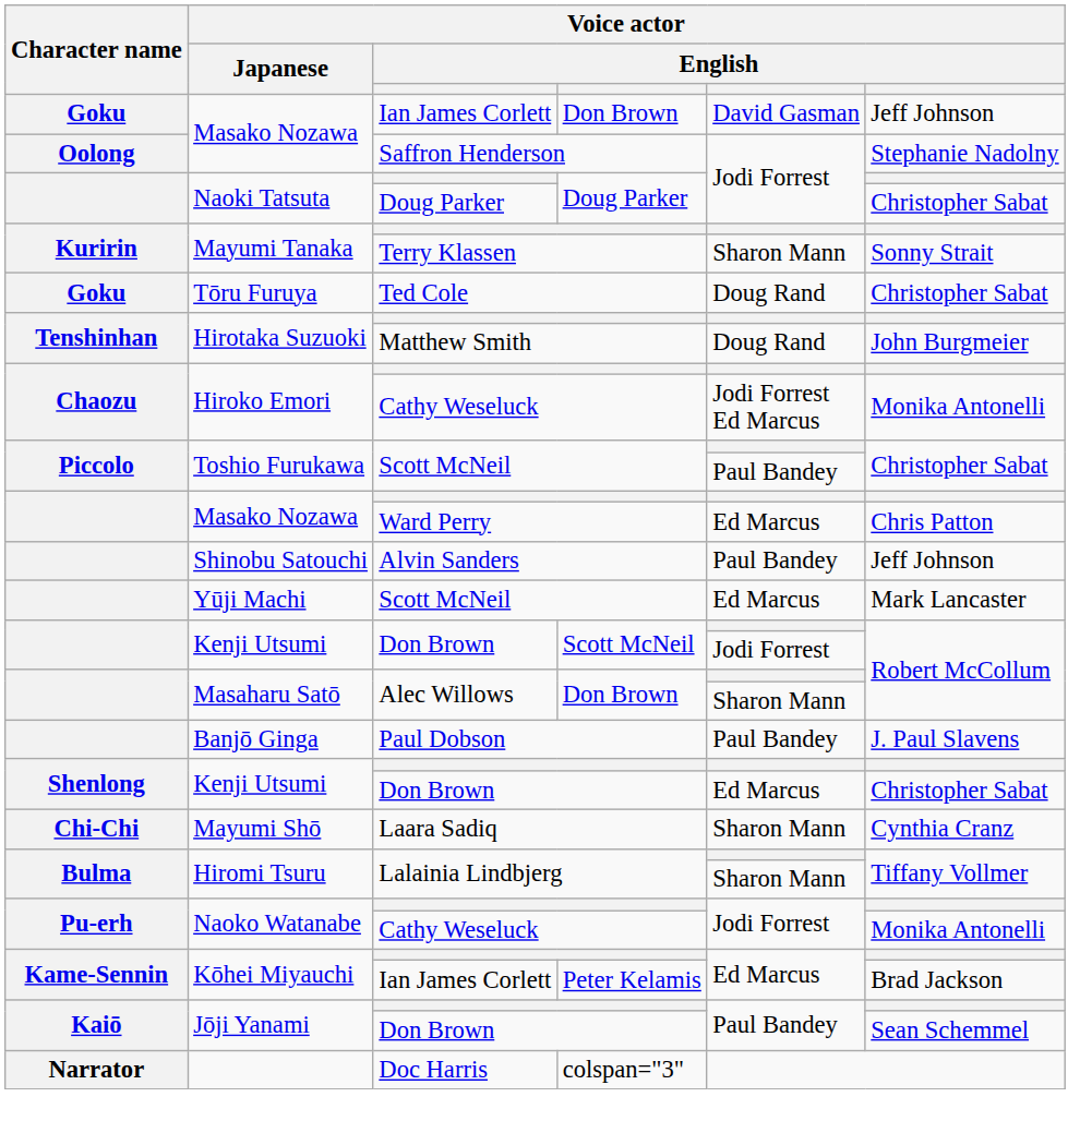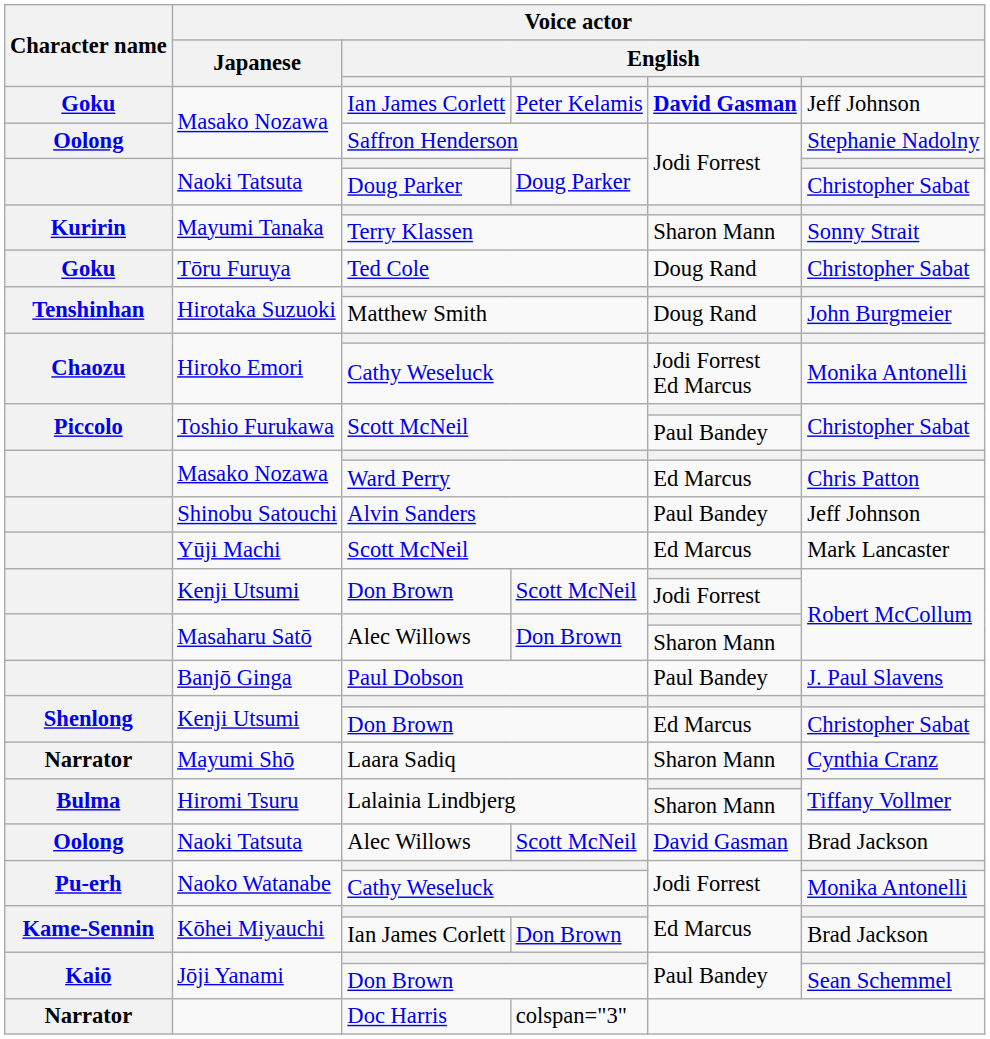 <table class="wikitable plainrowheaders">
 <tr>
 <th rowspan="3">Character name</th>
 <th colspan="5">Voice actor</th>
 </tr>
 <tr>
 <th rowspan="2">Japanese</th>
 <th colspan="4">English</th>
 </tr>
 <tr>
 <th></th>
 <th></th>
 <th></th>
 <th></th>
 </tr>
 <tr>
 <th scope="row"><a href='#'>Goku</a></th>
 <td rowspan="2"><a href='#'>Masako Nozawa</a></td>
 <td><a href='#'>Ian James Corlett</a></td>
-<td><a href='#'>Don Brown</a></td>
-<td><a href='#'>David Gasman</a></td>
+<td><a href='#'>Peter Kelamis</a></td>
+<td><strong><a href='#'>David Gasman</a></strong></td>
 <td>Jeff Johnson</td>
 </tr>
 <tr>
 <th scope="row"><a href='#'>Oolong</a></th>
 <td colspan="2"><a href='#'>Saffron Henderson</a></td>
 <td rowspan="3">Jodi Forrest</td>
 <td><a href='#'>Stephanie Nadolny</a></td>
 </tr>
 <tr>
 <th rowspan="2" scope="row"></th>
 <td rowspan="2"><a href='#'>Naoki Tatsuta</a></td>
 <th></th>
 <td rowspan="2"><a href='#'>Doug Parker</a></td>
 <th></th>
 </tr>
 <tr>
 <td><a href='#'>Doug Parker</a></td>
 <td><a href='#'>Christopher Sabat</a></td>
 </tr>
 <tr>
 <th rowspan="2" scope="row"><a href='#'>Kuririn</a></th>
 <td rowspan="2"><a href='#'>Mayumi Tanaka</a></td>
 <th colspan="2"></th>
 <th></th>
 <th></th>
 </tr>
 <tr>
 <td colspan="2"><a href='#'>Terry Klassen</a></td>
 <td>Sharon Mann</td>
 <td><a href='#'>Sonny Strait</a></td>
 </tr>
 <tr>
 <th scope="row"><a href='#'>Goku</a></th>
 <td><a href='#'>Tōru Furuya</a></td>
 <td colspan="2"><a href='#'>Ted Cole</a></td>
 <td>Doug Rand</td>
 <td><a href='#'>Christopher Sabat</a></td>
 </tr>
 <tr>
 <th rowspan="2" scope="row"><a href='#'>Tenshinhan</a></th>
 <td rowspan="2"><a href='#'>Hirotaka Suzuoki</a></td>
 <th colspan="2"></th>
 <th></th>
 <th></th>
 </tr>
 <tr>
 <td colspan="2">Matthew Smith</td>
 <td>Doug Rand</td>
 <td><a href='#'>John Burgmeier</a></td>
 </tr>
 <tr>
 <th rowspan="2" scope="row"><a href='#'>Chaozu</a></th>
 <td rowspan="2"><a href='#'>Hiroko Emori</a></td>
 <th colspan="2"></th>
 <th></th>
 <th></th>
 </tr>
 <tr>
 <td colspan="2"><a href='#'>Cathy Weseluck</a></td>
 <td>Jodi Forrest<br>Ed Marcus </td>
 <td><a href='#'>Monika Antonelli</a></td>
 </tr>
 <tr>
 <th rowspan="2" scope="row"><a href='#'>Piccolo</a></th>
 <td rowspan="2"><a href='#'>Toshio Furukawa</a></td>
 <td colspan="2" rowspan="2"><a href='#'>Scott McNeil</a></td>
 <th></th>
 <td rowspan="2"><a href='#'>Christopher Sabat</a></td>
 </tr>
 <tr>
 <td>Paul Bandey</td>
 </tr>
 <tr>
 <th rowspan="2" scope="row"></th>
 <td rowspan="2"><a href='#'>Masako Nozawa</a></td>
 <th colspan="2"></th>
 <th></th>
 <th></th>
 </tr>
 <tr>
 <td colspan="2"><a href='#'>Ward Perry</a></td>
 <td>Ed Marcus</td>
 <td><a href='#'>Chris Patton</a></td>
 </tr>
 <tr>
 <th scope="row"></th>
 <td><a href='#'>Shinobu Satouchi</a></td>
 <td colspan="2"><a href='#'>Alvin Sanders</a></td>
 <td>Paul Bandey</td>
 <td>Jeff Johnson</td>
 </tr>
 <tr>
 <th scope="row"></th>
 <td><a href='#'>Yūji Machi</a></td>
 <td colspan="2"><a href='#'>Scott McNeil</a></td>
 <td>Ed Marcus</td>
 <td>Mark Lancaster</td>
 </tr>
 <tr>
 <th rowspan="2" scope="row"></th>
 <td rowspan="2"><a href='#'>Kenji Utsumi</a></td>
 <td rowspan="2"><a href='#'>Don Brown</a></td>
 <td rowspan="2"><a href='#'>Scott McNeil</a></td>
 <th></th>
 <td rowspan="4"><a href='#'>Robert McCollum</a></td>
 </tr>
 <tr>
 <td>Jodi Forrest</td>
 </tr>
 <tr>
 <th rowspan="2" scope="row"></th>
 <td rowspan="2"><a href='#'>Masaharu Satō</a></td>
 <td rowspan="2">Alec Willows</td>
 <td rowspan="2"><a href='#'>Don Brown</a></td>
 <th></th>
 </tr>
 <tr>
 <td>Sharon Mann</td>
 </tr>
 <tr>
 <th scope="row"></th>
 <td><a href='#'>Banjō Ginga</a></td>
 <td colspan="2"><a href='#'>Paul Dobson</a></td>
 <td>Paul Bandey</td>
 <td><a href='#'>J. Paul Slavens</a></td>
 </tr>
 <tr>
 <th rowspan="2" scope="row"><a href='#'>Shenlong</a></th>
 <td rowspan="2"><a href='#'>Kenji Utsumi</a></td>
 <th colspan="2"></th>
 <th></th>
 <th></th>
 </tr>
 <tr>
 <td colspan="2"><a href='#'>Don Brown</a></td>
 <td>Ed Marcus</td>
 <td><a href='#'>Christopher Sabat</a></td>
 </tr>
 <tr>
-<th scope="row"><a href='#'>Chi-Chi</a></th>
+<th scope="row">Narrator</th>
 <td><a href='#'>Mayumi Shō</a></td>
 <td colspan="2">Laara Sadiq</td>
 <td>Sharon Mann</td>
 <td><a href='#'>Cynthia Cranz</a></td>
 </tr>
 <tr>
 <th rowspan="2" scope="row"><a href='#'>Bulma</a></th>
 <td rowspan="2"><a href='#'>Hiromi Tsuru</a></td>
 <td colspan="2" rowspan="2">Lalainia Lindbjerg</td>
 <th></th>
 <td rowspan="2"><a href='#'>Tiffany Vollmer</a></td>
 </tr>
 <tr>
 <td>Sharon Mann</td>
+</tr>
+<tr>
+<th scope="row"><a href='#'>Oolong</a></th>
+<td><a href='#'>Naoki Tatsuta</a></td>
+<td>Alec Willows</td>
+<td><a href='#'>Scott McNeil</a></td>
+<td><a href='#'>David Gasman</a></td>
+<td>Brad Jackson</td>
 </tr>
 <tr>
 <th rowspan="2" scope="row"><a href='#'>Pu-erh</a></th>
 <td rowspan="2"><a href='#'>Naoko Watanabe</a></td>
 <th colspan="2"></th>
 <td rowspan="2">Jodi Forrest</td>
 <th></th>
 </tr>
 <tr>
 <td colspan="2"><a href='#'>Cathy Weseluck</a></td>
 <td><a href='#'>Monika Antonelli</a></td>
 </tr>
 <tr>
 <th rowspan="2" scope="row"><a href='#'>Kame-Sennin</a></th>
 <td rowspan="2"><a href='#'>Kōhei Miyauchi</a></td>
 <th colspan="2"></th>
 <td rowspan="2">Ed Marcus</td>
 <th></th>
 </tr>
 <tr>
 <td>Ian James Corlett</td>
-<td><a href='#'>Peter Kelamis</a></td>
+<td><a href='#'>Don Brown</a></td>
 <td>Brad Jackson</td>
 </tr>
 <tr>
 <th rowspan="2" scope="row"><a href='#'>Kaiō</a></th>
 <td rowspan="2"><a href='#'>Jōji Yanami</a></td>
 <th colspan="2"></th>
 <td rowspan="2">Paul Bandey</td>
 <th></th>
 </tr>
 <tr>
 <td colspan="2"><a href='#'>Don Brown</a></td>
 <td><a href='#'>Sean Schemmel</a></td>
 </tr>
 <tr>
 <th scope="row">Narrator</th>
 <td></td>
 <td><a href='#'>Doc Harris</a></td>
 <td>colspan="3" </td>
 </tr>
 </table>
